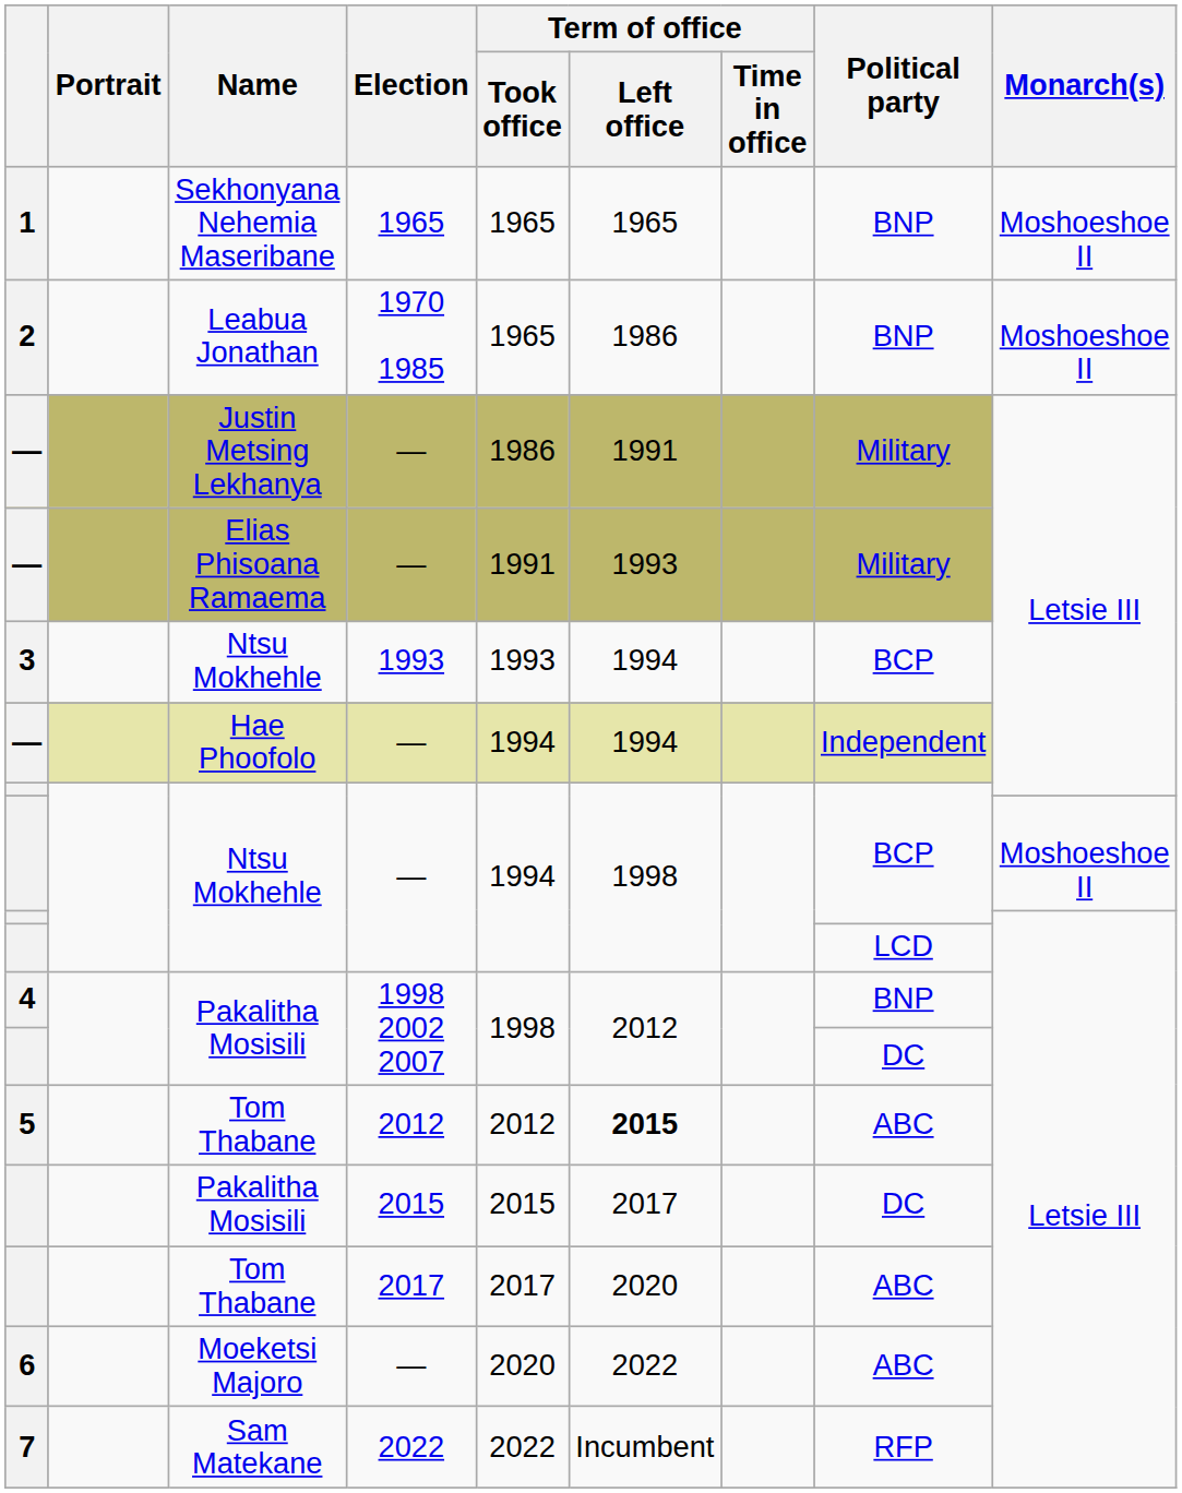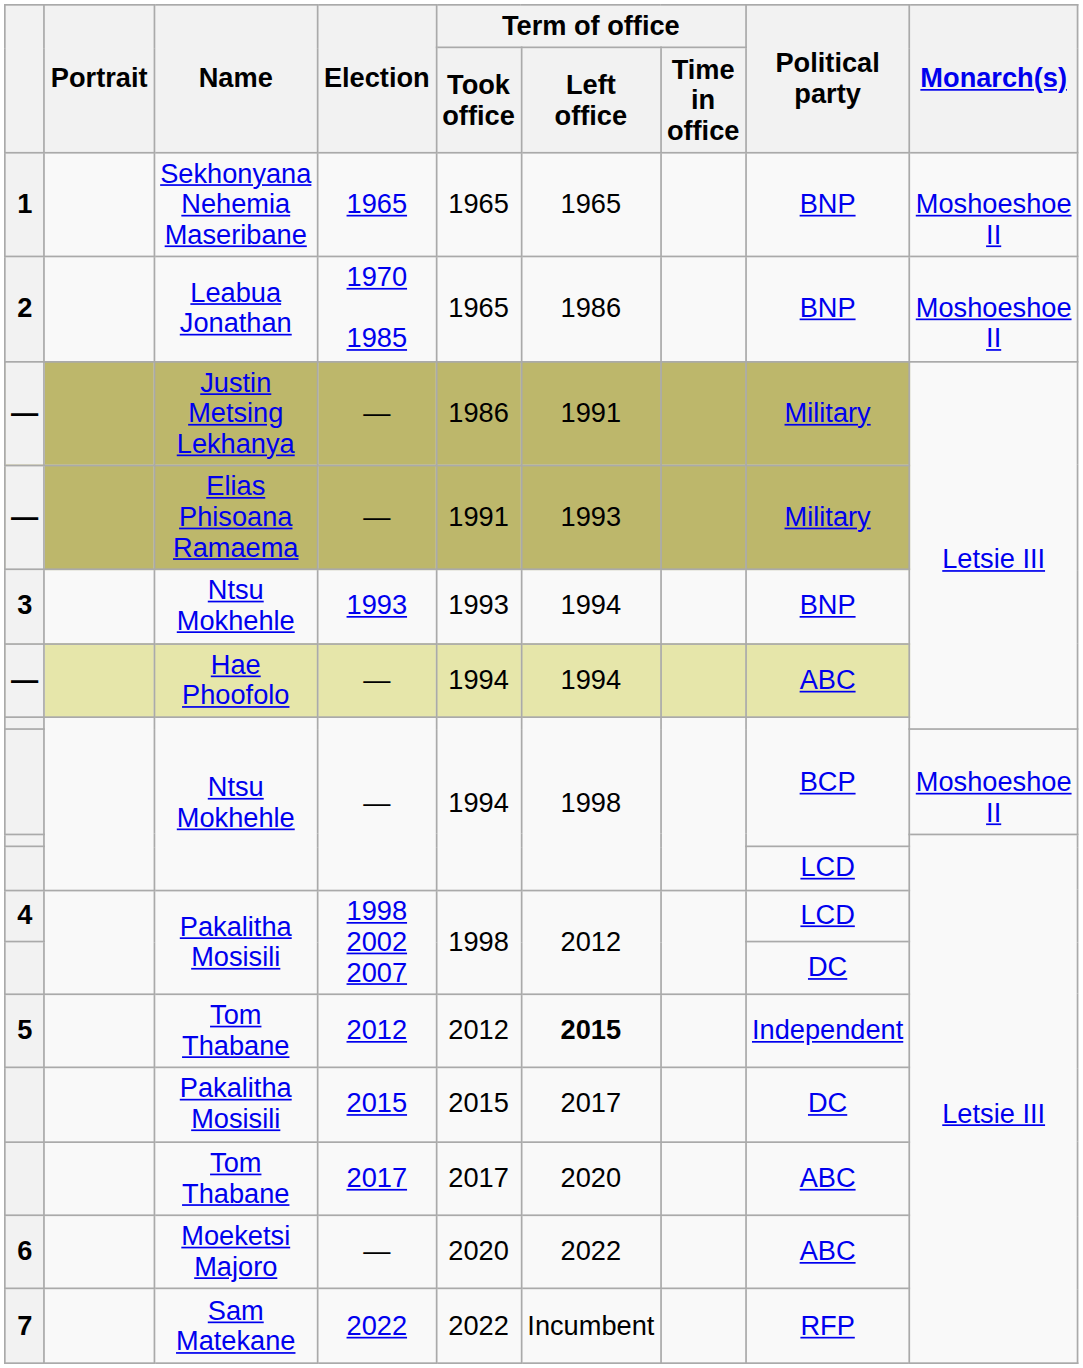 <table class="wikitable" style="text-align:center">
 <tr>
 <th rowspan="2"></th>
 <th rowspan="2">Portrait</th>
 <th rowspan="2">Name<br></th>
 <th rowspan="2">Election</th>
 <th colspan="3">Term of office</th>
 <th rowspan="2">Political party</th>
 <th rowspan="2"><a href='#'>Monarch(s)</a><br></th>
 </tr>
 <tr>
 <th>Took office</th>
 <th>Left office</th>
 <th>Time in office</th>
 </tr>
 <tr>
 <th style="background:">1</th>
 <td></td>
 <td><a href='#'>Sekhonyana Nehemia Maseribane</a><br></td>
 <td><a href='#'>1965</a></td>
 <td> 1965</td>
 <td> 1965</td>
 <td></td>
 <td><a href='#'>BNP</a></td>
 <td><br><a href='#'>Moshoeshoe II</a><br></td>
 </tr>
 <tr>
 <th style="background:">2</th>
 <td></td>
 <td><a href='#'>Leabua Jonathan</a><br></td>
 <td><a href='#'>1970</a><br><br><a href='#'>1985</a></td>
 <td> 1965</td>
 <td> 1986<br></td>
 <td></td>
 <td><a href='#'>BNP</a></td>
 <td rowspan=2><br><a href='#'>Moshoeshoe II</a><br></td>
 </tr>
 <tr style="background:#bdb76b;">
 <th rowspan=2 style="background:">—</th>
 <td rowspan=2></td>
 <td rowspan=2><a href='#'>Justin Metsing Lekhanya</a><br></td>
 <td rowspan=2>—</td>
 <td rowspan=2> 1986</td>
 <td rowspan=2> 1991<br></td>
 <td rowspan=2></td>
 <td rowspan=2><a href='#'>Military</a></td>
 </tr>
 <tr>
 <td rowspan=5><br><a href='#'>Letsie III</a><br></td>
 </tr>
 <tr style="background:#bdb76b;">
 <th style="background:">—</th>
 <td></td>
 <td><a href='#'>Elias Phisoana Ramaema</a><br></td>
 <td>—</td>
 <td> 1991</td>
 <td> 1993</td>
 <td></td>
 <td><a href='#'>Military</a></td>
 </tr>
 <tr>
 <th style="background:">3</th>
 <td></td>
 <td><a href='#'>Ntsu Mokhehle</a><br></td>
 <td><a href='#'>1993</a></td>
 <td> 1993</td>
 <td> 1994<br></td>
 <td></td>
-<td><a href='#'>BCP</a></td>
+<td><a href='#'>BNP</a></td>
 </tr>
 <tr style="background:#e6e6aa;">
 <th style="background:">—</th>
 <td></td>
 <td><a href='#'>Hae Phoofolo</a><br></td>
 <td>—</td>
 <td> 1994</td>
 <td> 1994</td>
 <td></td>
-<td><a href='#'>Independent</a></td>
+<td><a href='#'>ABC</a></td>
 </tr>
 <tr>
 <th style="background:"></th>
 <td rowspan=4></td>
 <td rowspan=4><a href='#'>Ntsu Mokhehle</a><br></td>
 <td rowspan=4>—</td>
 <td rowspan=4> 1994</td>
 <td rowspan=4> 1998</td>
 <td rowspan=4></td>
 <td rowspan=3><a href='#'>BCP</a><br></td>
 </tr>
 <tr>
 <th style="background:"></th>
 <td><br><a href='#'>Moshoeshoe II</a><br></td>
 </tr>
 <tr>
 <th style="background:"></th>
 <td rowspan=9><br><a href='#'>Letsie III</a><br></td>
 </tr>
 <tr>
 <th style="background:"></th>
 <td><a href='#'>LCD</a></td>
 </tr>
 <tr>
 <th style="background:">4</th>
 <td rowspan=2></td>
 <td rowspan=2><a href='#'>Pakalitha Mosisili</a><br></td>
 <td rowspan=2><a href='#'>1998</a><br><a href='#'>2002</a><br><a href='#'>2007</a></td>
 <td rowspan=2> 1998</td>
 <td rowspan=2> 2012</td>
 <td rowspan=2></td>
-<td><a href='#'>BNP</a></td>
+<td><a href='#'>LCD</a><br></td>
 </tr>
 <tr>
 <th style="background:"></th>
 <td><a href='#'>DC</a></td>
 </tr>
 <tr>
 <th style="background:">5</th>
 <td></td>
 <td><a href='#'>Tom Thabane</a><br></td>
 <td><a href='#'>2012</a></td>
 <td> 2012</td>
 <td><strong> 2015</strong></td>
 <td></td>
-<td><a href='#'>ABC</a></td>
+<td><a href='#'>Independent</a></td>
 </tr>
 <tr>
 <th style="background:"></th>
 <td></td>
 <td><a href='#'>Pakalitha Mosisili</a><br></td>
 <td><a href='#'>2015</a></td>
 <td> 2015</td>
 <td> 2017</td>
 <td></td>
 <td><a href='#'>DC</a></td>
 </tr>
 <tr>
 <th style="background:"></th>
 <td></td>
 <td><a href='#'>Tom Thabane</a><br></td>
 <td><a href='#'>2017</a></td>
 <td> 2017</td>
 <td> 2020</td>
 <td></td>
 <td><a href='#'>ABC</a></td>
 </tr>
 <tr>
 <th style="background:">6</th>
 <td></td>
 <td><a href='#'>Moeketsi Majoro</a><br></td>
 <td>—</td>
 <td> 2020</td>
 <td> 2022</td>
 <td></td>
 <td><a href='#'>ABC</a></td>
 </tr>
 <tr>
 <th style="background:">7</th>
 <td></td>
 <td><a href='#'>Sam Matekane</a><br></td>
 <td><a href='#'>2022</a></td>
 <td> 2022</td>
 <td>Incumbent</td>
 <td></td>
 <td><a href='#'>RFP</a></td>
 </tr>
 </table>
